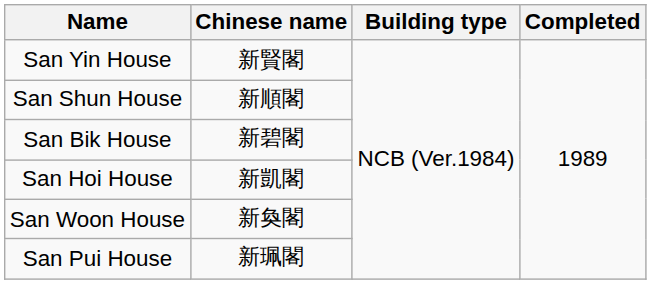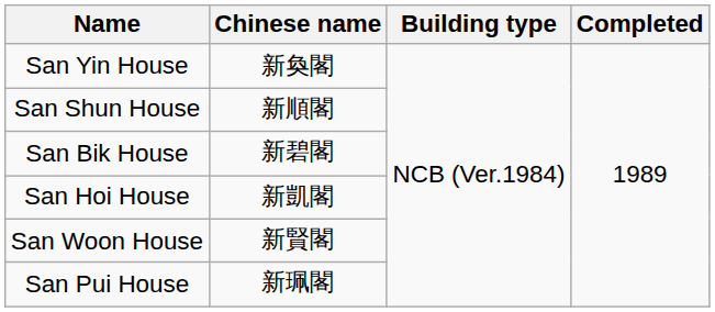 <table class="wikitable" style="text-align: center">
 <tr>
 <th>Name</th>
 <th>Chinese name</th>
 <th>Building type</th>
 <th>Completed</th>
 </tr>
 <tr>
 <td>San Yin House</td>
-<td>新賢閣</td>
+<td>新奐閣</td>
 <td rowspan="6">NCB (Ver.1984)</td>
 <td rowspan="6">1989</td>
 </tr>
 <tr>
 <td>San Shun House</td>
 <td>新順閣</td>
 </tr>
 <tr>
 <td>San Bik House</td>
 <td>新碧閣</td>
 </tr>
 <tr>
 <td>San Hoi House</td>
 <td>新凱閣</td>
 </tr>
 <tr>
 <td>San Woon House</td>
-<td>新奐閣</td>
+<td>新賢閣</td>
 </tr>
 <tr>
 <td>San Pui House</td>
 <td>新珮閣</td>
 </tr>
 </table>
